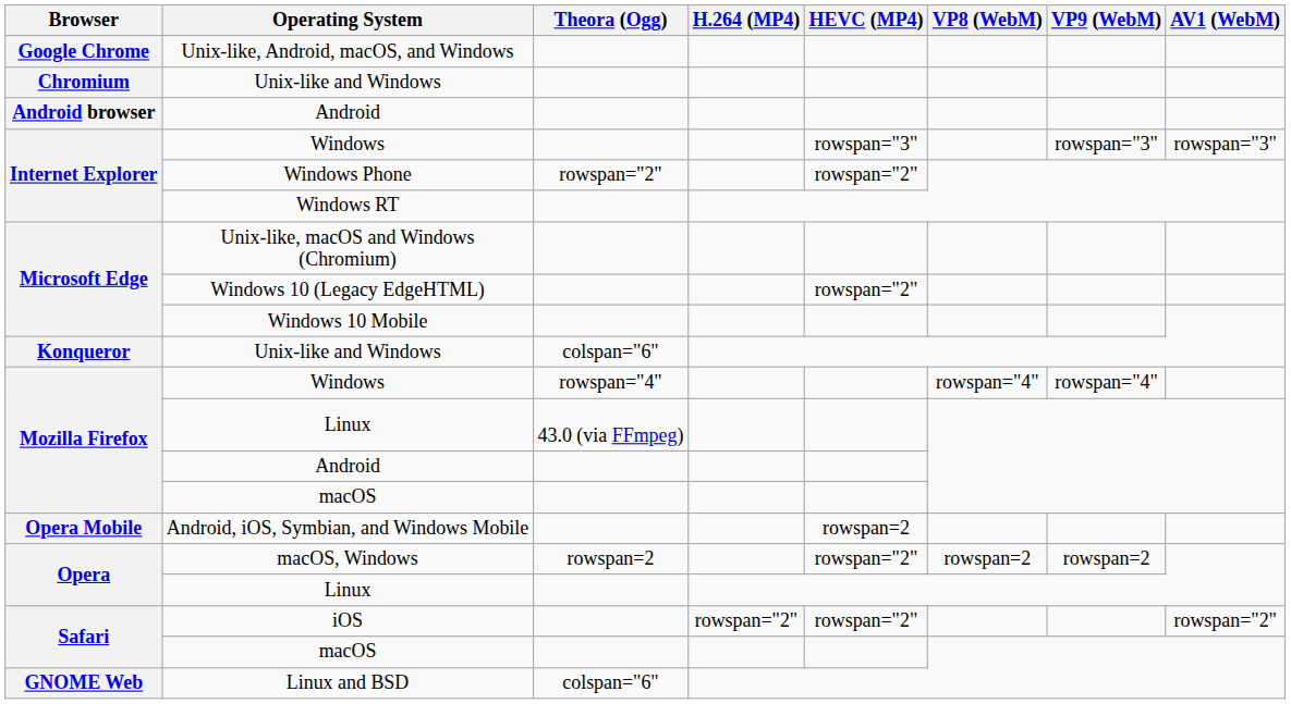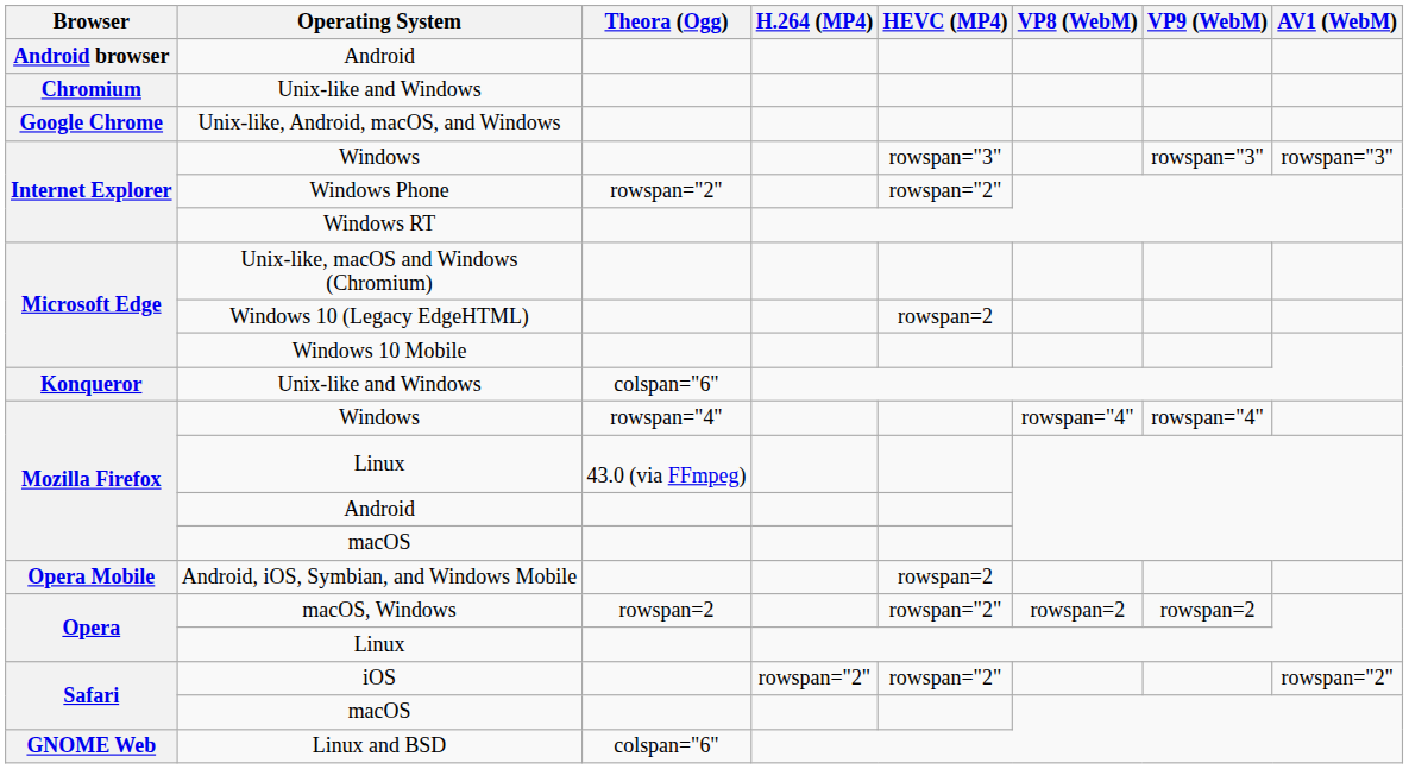 <table class="wikitable sortable" style="text-align: center; margin-left:auto; margin-right:auto">
 <tr>
 <th>Browser</th>
 <th>Operating System</th>
 <th><a href='#'>Theora</a> (<a href='#'>Ogg</a>)</th>
 <th><a href='#'>H.264</a> (<a href='#'>MP4</a>)</th>
 <th><a href='#'>HEVC</a> (<a href='#'>MP4</a>)</th>
 <th><a href='#'>VP8</a> (<a href='#'>WebM</a>)</th>
 <th><a href='#'>VP9</a> (<a href='#'>WebM</a>)</th>
 <th><a href='#'>AV1</a> (<a href='#'>WebM</a>)</th>
 </tr>
 <tr>
-<th><a href='#'>Google Chrome</a></th>
-<td>Unix-like, Android, macOS, and Windows</td>
-<td><br></td>
+<th><a href='#'>Android</a> browser</th>
+<td>Android</td>
+<td></td>
 <td></td>
 <td></td>
 <td></td>
 <td></td>
 <td></td>
 </tr>
 <tr>
 <th><a href='#'>Chromium</a></th>
 <td>Unix-like and Windows</td>
 <td></td>
 <td></td>
 <td></td>
 <td></td>
 <td></td>
 <td></td>
 </tr>
 <tr>
-<th><a href='#'>Android</a> browser</th>
-<td>Android</td>
-<td></td>
+<th><a href='#'>Google Chrome</a></th>
+<td>Unix-like, Android, macOS, and Windows</td>
+<td><br></td>
 <td></td>
 <td></td>
 <td></td>
 <td></td>
 <td></td>
 </tr>
 <tr>
 <th rowspan="3"><a href='#'>Internet Explorer</a></th>
 <td>Windows</td>
 <td></td>
 <td></td>
 <td>rowspan="3" </td>
 <td></td>
 <td>rowspan="3" </td>
 <td>rowspan="3" </td>
 </tr>
 <tr>
 <td>Windows Phone</td>
 <td>rowspan="2" </td>
 <td></td>
 <td>rowspan="2" </td>
 </tr>
 <tr>
 <td>Windows RT</td>
 <td></td>
 </tr>
 <tr>
 <th rowspan="3"><a href='#'>Microsoft Edge</a></th>
 <td>Unix-like, macOS and Windows<br>(Chromium)</td>
 <td></td>
 <td></td>
 <td></td>
 <td></td>
 <td></td>
 <td></td>
 </tr>
 <tr>
 <td>Windows 10 (Legacy EdgeHTML)</td>
 <td></td>
 <td></td>
-<td>rowspan="2" </td>
+<td>rowspan=2 </td>
 <td></td>
 <td></td>
 <td></td>
 </tr>
 <tr>
 <td>Windows 10 Mobile</td>
 <td></td>
 <td></td>
 <td></td>
 <td></td>
 <td></td>
 </tr>
 <tr>
 <th><a href='#'>Konqueror</a></th>
 <td>Unix-like and Windows</td>
 <td>colspan="6" </td>
 </tr>
 <tr>
 <th rowspan="4"><a href='#'>Mozilla Firefox</a></th>
 <td>Windows</td>
 <td>rowspan="4" </td>
 <td></td>
 <td></td>
 <td>rowspan="4" </td>
 <td>rowspan="4" </td>
 <td></td>
 </tr>
 <tr>
 <td>Linux</td>
 <td><br>43.0 (via <a href='#'>FFmpeg</a>)</td>
 <td></td>
 <td></td>
 </tr>
 <tr>
 <td>Android</td>
 <td></td>
 <td><br></td>
 <td></td>
 </tr>
 <tr>
 <td>macOS</td>
 <td></td>
 <td></td>
 <td></td>
 </tr>
 <tr>
 <th><a href='#'>Opera Mobile</a></th>
 <td>Android, iOS, Symbian, and Windows Mobile</td>
 <td></td>
 <td></td>
 <td>rowspan=2 </td>
 <td></td>
 <td></td>
 <td></td>
 </tr>
 <tr>
 <th rowspan=2><a href='#'>Opera</a></th>
 <td>macOS, Windows</td>
 <td>rowspan=2 </td>
 <td></td>
 <td>rowspan="2" </td>
 <td>rowspan=2 </td>
 <td>rowspan=2 </td>
 </tr>
 <tr>
 <td>Linux</td>
 <td></td>
 </tr>
 <tr>
 <th rowspan="2"><a href='#'>Safari</a></th>
 <td>iOS</td>
 <td></td>
 <td>rowspan="2"  </td>
 <td>rowspan="2" </td>
 <td></td>
 <td></td>
 <td>rowspan="2" </td>
 </tr>
 <tr>
 <td>macOS</td>
 <td></td>
 <td></td>
 <td></td>
 </tr>
 <tr>
 <th><a href='#'>GNOME Web</a></th>
 <td>Linux and BSD</td>
 <td>colspan="6" </td>
 </tr>
 </table>
